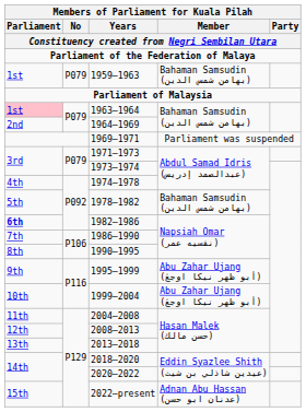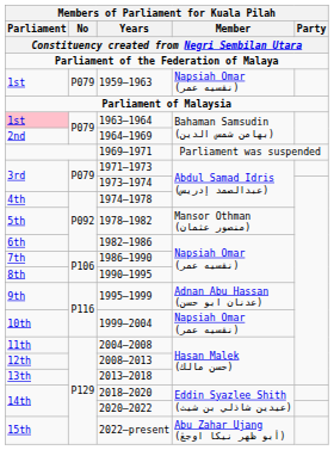 <table class=wikitable>
 <tr>
 <th colspan="5">Members of Parliament for Kuala Pilah</th>
 </tr>
 <tr>
 <th>Parliament</th>
 <th>No</th>
 <th>Years</th>
 <th>Member</th>
 <th>Party</th>
 </tr>
 <tr>
 <th colspan="5" align="center"><em>Constituency created from <a href='#'>Negri Sembilan Utara</a></em></th>
 </tr>
 <tr>
 <td colspan="5" align="center"><strong>Parliament of the Federation of Malaya</strong></td>
 </tr>
 <tr>
 <td><a href='#'>1st</a></td>
 <td>P079</td>
 <td>1959–1963</td>
-<td>Bahaman Samsudin <br> (بهامن شمس الدين)</td>
+<td><a href='#'>Napsiah Omar</a> <br> (نڤسيه عمر)</td>
 <td></td>
 </tr>
 <tr>
 <td colspan="5" align="center"><strong>Parliament of Malaysia</strong></td>
 </tr>
 <tr>
 <td style="background: pink;"><a href='#'>1st</a></td>
 <td rowspan="2">P079</td>
 <td>1963–1964</td>
 <td rowspan=2>Bahaman Samsudin <br> (بهامن شمس الدين)</td>
 <td rowspan=2></td>
 </tr>
 <tr>
 <td><a href='#'>2nd</a></td>
 <td>1964–1969</td>
 </tr>
 <tr>
 <td colspan="2"></td>
 <td>1969–1971</td>
 <td colspan=2 align=center>Parliament was suspended</td>
 </tr>
 <tr>
 <td rowspan=2><a href='#'>3rd</a></td>
 <td rowspan="2">P079</td>
 <td>1971–1973</td>
 <td rowspan=3><a href='#'>Abdul Samad Idris</a> <br> (عبدالصمد إدريس)</td>
 <td></td>
 </tr>
 <tr>
 <td>1973–1974</td>
 <td rowspan=11></td>
 </tr>
 <tr>
 <td><a href='#'>4th</a></td>
 <td rowspan="3">P092</td>
 <td>1974–1978</td>
 </tr>
 <tr>
 <td><a href='#'>5th</a></td>
 <td>1978–1982</td>
-<td>Bahaman Samsudin <br> (بهامن شمس الدين)</td>
+<td>Mansor Othman <br> (منصور عثمان)</td>
 </tr>
 <tr>
-<td><strong><a href='#'>6th</a></strong></td>
+<td><a href='#'>6th</a></td>
 <td>1982–1986</td>
 <td rowspan=3><a href='#'>Napsiah Omar</a> <br> (نڤسيه عمر)</td>
 </tr>
 <tr>
 <td><a href='#'>7th</a></td>
 <td rowspan="2">P106</td>
 <td>1986–1990</td>
 </tr>
 <tr>
 <td><a href='#'>8th</a></td>
 <td>1990–1995</td>
 </tr>
 <tr>
 <td><a href='#'>9th</a></td>
 <td rowspan="2">P116</td>
 <td>1995–1999</td>
-<td><a href='#'>Abu Zahar Ujang</a> <br> (أبو ظهر نيکا اوجڠ‎)</td>
+<td><a href='#'>Adnan Abu Hassan</a>  <br>(عدنان ابو حسن)</td>
 </tr>
 <tr>
 <td><a href='#'>10th</a></td>
 <td>1999–2004</td>
-<td><a href='#'>Abu Zahar Ujang</a> <br> (أبو ظهر نيکا اوجڠ‎)</td>
+<td><a href='#'>Napsiah Omar</a> <br> (نڤسيه عمر)</td>
 </tr>
 <tr>
 <td><a href='#'>11th</a></td>
 <td rowspan="6">P129</td>
 <td>2004–2008</td>
 <td rowspan=3><a href='#'>Hasan Malek</a>  <br>(حسن مالك‎)</td>
 </tr>
 <tr>
 <td><a href='#'>12th</a></td>
 <td>2008–2013</td>
 </tr>
 <tr>
 <td><a href='#'>13th</a></td>
 <td>2013–2018</td>
 </tr>
 <tr>
 <td rowspan=2><a href='#'>14th</a></td>
 <td>2018–2020</td>
 <td rowspan=2><a href='#'>Eddin Syazlee Shith</a> <br> (عيدين شاذلي بن شيث)</td>
 <td></td>
 </tr>
 <tr>
 <td>2020–2022</td>
 <td></td>
 </tr>
 <tr>
 <td><a href='#'>15th</a></td>
 <td>2022–present</td>
-<td><a href='#'>Adnan Abu Hassan</a>  <br>(عدنان ابو حسن)</td>
+<td><a href='#'>Abu Zahar Ujang</a> <br> (أبو ظهر نيکا اوجڠ‎)</td>
 <td></td>
 </tr>
 </table>
